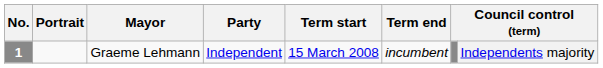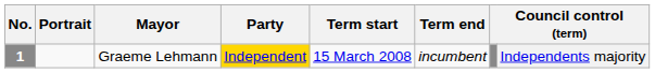 <table class="wikitable">
 <tr>
 <th>No.</th>
 <th>Portrait</th>
 <th>Mayor</th>
 <th>Party</th>
 <th>Term start</th>
 <th>Term end</th>
 <th colspan="3">Council control <br> <small> (term) </small></th>
 </tr>
 <tr>
 <th style="background:#888888; color:white">1</th>
 <td align="center"></td>
 <td align="center">Graeme Lehmann</td>
-<td align="center"><a href='#'>Independent</a></td>
+<td align="center" style="background: gold;"><a href='#'>Independent</a></td>
 <td align="center"><a href='#'>15 March 2008</a></td>
 <td align="center"><em>incumbent</em></td>
 <td rowspan="3" style="background-color:#888888; border-bottom:solid 0 gray"></td>
 <th rowspan="3" style="font-weight:normal"><a href='#'>Independents</a> majority <br> <small></small></th>
 </tr>
 </table>
